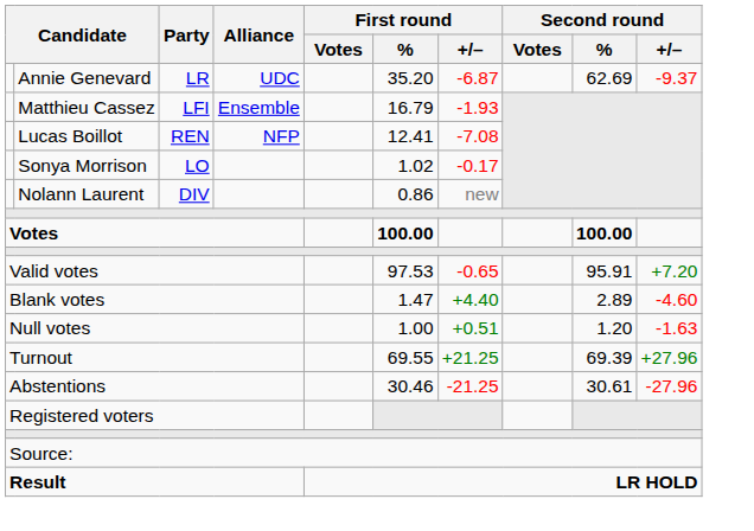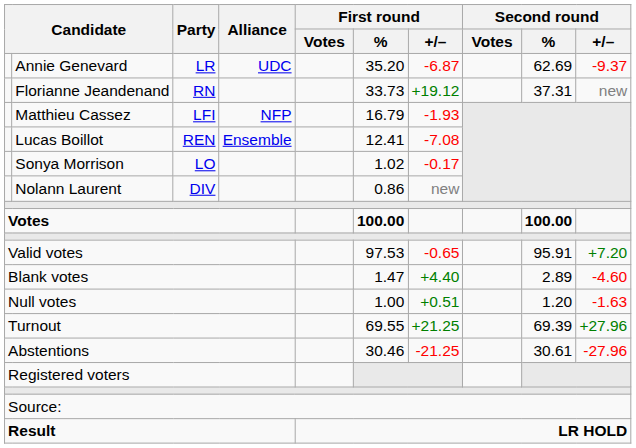 <table class="wikitable" style="text-align:right;font-size:95%;">
 <tr>
 <th rowspan="2" colspan="2">Candidate</th>
 <th colspan="1" rowspan="2">Party</th>
 <th colspan="1" rowspan="2">Alliance</th>
 <th colspan="3">First round</th>
 <th colspan="3">Second round</th>
 </tr>
 <tr>
 <th style="width:50px;">Votes</th>
 <th style="width:45px;">%</th>
 <th style="width:45px;">+/–</th>
 <th style="width:50px;">Votes</th>
 <th style="width:45px;">%</th>
 <th style="width:45px;">+/–</th>
 </tr>
 <tr>
 <td style="color:inherit;background:"></td>
 <td style="text-align:left;">Annie Genevard</td>
 <td><a href='#'>LR</a></td>
 <td><a href='#'>UDC</a></td>
 <td></td>
 <td>35.20</td>
 <td style="color:red;">-6.87</td>
 <td></td>
 <td>62.69</td>
 <td style="color:red;">-9.37</td>
 </tr>
 <tr>
 <td style="color:inherit;background:"></td>
+<td style="text-align:left;">Florianne Jeandenand</td>
+<td><a href='#'>RN</a></td>
+<td></td>
+<td></td>
+<td>33.73</td>
+<td style="color:green;">+19.12</td>
+<td></td>
+<td>37.31</td>
+<td style="color:grey;">new</td>
+</tr>
+<tr>
+<td style="color:inherit;background:"></td>
 <td style="text-align:left;">Matthieu Cassez</td>
 <td><a href='#'>LFI</a></td>
-<td><a href='#'>Ensemble</a></td>
+<td><a href='#'>NFP</a></td>
 <td></td>
 <td>16.79</td>
 <td style="color:red;">-1.93</td>
 <td colspan="3" rowspan="4" style="background:#E9E9E9;"></td>
 </tr>
 <tr>
 <td style="color:inherit;background:"></td>
 <td style="text-align:left;">Lucas Boillot</td>
 <td><a href='#'>REN</a></td>
-<td><a href='#'>NFP</a></td>
+<td><a href='#'>Ensemble</a></td>
 <td></td>
 <td>12.41</td>
 <td style="color:red;">-7.08</td>
 </tr>
 <tr>
 <td style="color:inherit;background:"></td>
 <td style="text-align:left;">Sonya Morrison</td>
 <td><a href='#'>LO</a></td>
 <td></td>
 <td></td>
 <td>1.02</td>
 <td style="color:red;">-0.17</td>
 </tr>
 <tr>
 <td style="color:inherit;background:"></td>
 <td style="text-align:left;">Nolann Laurent</td>
 <td><a href='#'>DIV</a></td>
 <td></td>
 <td></td>
 <td>0.86</td>
 <td style="color:grey;">new</td>
 </tr>
 <tr>
 <td colspan="10" style="background:#E9E9E9;"></td>
 </tr>
 <tr style="font-weight:bold;">
 <td colspan="4" style="text-align:left;">Votes</td>
 <td></td>
 <td>100.00</td>
 <td></td>
 <td></td>
 <td>100.00</td>
 <td></td>
 </tr>
 <tr>
 <td colspan="10" style="background:#E9E9E9;"></td>
 </tr>
 <tr>
 <td colspan="4" style="text-align:left;">Valid votes</td>
 <td></td>
 <td>97.53</td>
 <td style="color:red;">-0.65</td>
 <td></td>
 <td>95.91</td>
 <td style="color:green;">+7.20</td>
 </tr>
 <tr>
 <td colspan="4" style="text-align:left;">Blank votes</td>
 <td></td>
 <td>1.47</td>
 <td style="color:green;">+4.40</td>
 <td></td>
 <td>2.89</td>
 <td style="color:red;">-4.60</td>
 </tr>
 <tr>
 <td colspan="4" style="text-align:left;">Null votes</td>
 <td></td>
 <td>1.00</td>
 <td style="color:green;">+0.51</td>
 <td></td>
 <td>1.20</td>
 <td style="color:red;">-1.63</td>
 </tr>
 <tr>
 <td colspan="4" style="text-align:left;">Turnout</td>
 <td></td>
 <td>69.55</td>
 <td style="color:green;">+21.25</td>
 <td></td>
 <td>69.39</td>
 <td style="color:green;">+27.96</td>
 </tr>
 <tr>
 <td colspan="4" style="text-align:left;">Abstentions</td>
 <td></td>
 <td>30.46</td>
 <td style="color:red;">-21.25</td>
 <td></td>
 <td>30.61</td>
 <td style="color:red;">-27.96</td>
 </tr>
 <tr>
 <td colspan="4" style="text-align:left;">Registered voters</td>
 <td></td>
 <td colspan="2" style="background:#E9E9E9;"></td>
 <td></td>
 <td colspan="2" style="background:#E9E9E9;"></td>
 </tr>
 <tr>
 <td colspan="10" style="background:#E9E9E9;"></td>
 </tr>
 <tr>
 <td colspan="10" style="text-align:left;">Source: </td>
 </tr>
 <tr style="font-weight:bold">
 <td colspan="4" style="text-align:left;">Result</td>
 <td colspan="6" style="background-color:">LR HOLD</td>
 </tr>
 </table>
